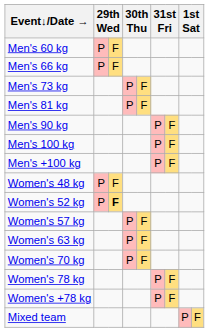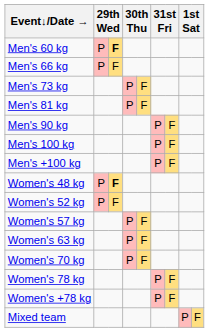 <table class="wikitable" style="margin:0.5em auto; font-size:90%; line-height:1.25em; text-align:center;">
 <tr>
 <th>Event↓/Date →</th>
 <th colspan=2>29th<br>Wed</th>
 <th colspan=2>30th<br>Thu</th>
 <th colspan=2>31st<br>Fri</th>
 <th colspan=2>1st<br>Sat</th>
 </tr>
 <tr>
 <td align="left"><a href='#'>Men's 60 kg</a></td>
 <td bgcolor="#FFBBBB">P</td>
-<td bgcolor="#FFDF80">F</td>
+<td bgcolor="#FFDF80"><strong>F</strong></td>
 <td colspan=2></td>
 <td colspan=2></td>
 <td colspan=2></td>
 </tr>
 <tr>
 <td align="left"><a href='#'>Men's 66 kg</a></td>
 <td bgcolor="#FFBBBB">P</td>
 <td bgcolor="#FFDF80">F</td>
 <td colspan=2></td>
 <td colspan=2></td>
 <td colspan=2></td>
 </tr>
 <tr>
 <td align="left"><a href='#'>Men's 73 kg</a></td>
 <td colspan=2></td>
 <td bgcolor="#FFBBBB">P</td>
 <td bgcolor="#FFDF80">F</td>
 <td colspan=2></td>
 <td colspan=2></td>
 </tr>
 <tr>
 <td align="left"><a href='#'>Men's 81 kg</a></td>
 <td colspan=2></td>
 <td bgcolor="#FFBBBB">P</td>
 <td bgcolor="#FFDF80">F</td>
 <td colspan=2></td>
 <td colspan=2></td>
 </tr>
 <tr>
 <td align="left"><a href='#'>Men's 90 kg</a></td>
 <td colspan=2></td>
 <td colspan=2></td>
 <td bgcolor="#FFBBBB">P</td>
 <td bgcolor="#FFDF80">F</td>
 <td colspan=2></td>
 </tr>
 <tr>
 <td align="left"><a href='#'>Men's 100 kg</a></td>
 <td colspan=2></td>
 <td colspan=2></td>
 <td bgcolor="#FFBBBB">P</td>
 <td bgcolor="#FFDF80">F</td>
 <td colspan=2></td>
 </tr>
 <tr>
 <td align="left"><a href='#'>Men's +100 kg</a></td>
 <td colspan=2></td>
 <td colspan=2></td>
 <td bgcolor="#FFBBBB">P</td>
 <td bgcolor="#FFDF80">F</td>
 <td colspan=2></td>
 </tr>
 <tr>
 <td align="left"><a href='#'>Women's 48 kg</a></td>
 <td bgcolor="#FFBBBB">P</td>
-<td bgcolor="#FFDF80">F</td>
+<td bgcolor="#FFDF80"><strong>F</strong></td>
 <td colspan=2></td>
 <td colspan=2></td>
 <td colspan=2></td>
 </tr>
 <tr>
 <td align="left"><a href='#'>Women's 52 kg</a></td>
 <td bgcolor="#FFBBBB">P</td>
-<td bgcolor="#FFDF80"><strong>F</strong></td>
+<td bgcolor="#FFDF80">F</td>
 <td colspan=2></td>
 <td colspan=2></td>
 <td colspan=2></td>
 </tr>
 <tr>
 <td align="left"><a href='#'>Women's 57 kg</a></td>
 <td colspan=2></td>
 <td bgcolor="#FFBBBB">P</td>
 <td bgcolor="#FFDF80">F</td>
 <td colspan=2></td>
 <td colspan=2></td>
 </tr>
 <tr>
 <td align="left"><a href='#'>Women's 63 kg</a></td>
 <td colspan=2></td>
 <td bgcolor="#FFBBBB">P</td>
 <td bgcolor="#FFDF80">F</td>
 <td colspan=2></td>
 <td colspan=2></td>
 </tr>
 <tr>
 <td align="left"><a href='#'>Women's 70 kg</a></td>
 <td colspan=2></td>
 <td bgcolor="#FFBBBB">P</td>
 <td bgcolor="#FFDF80">F</td>
 <td colspan=2></td>
 <td colspan=2></td>
 </tr>
 <tr>
 <td align="left"><a href='#'>Women's 78 kg</a></td>
 <td colspan=2></td>
 <td colspan=2></td>
 <td bgcolor="#FFBBBB">P</td>
 <td bgcolor="#FFDF80">F</td>
 <td colspan=2></td>
 </tr>
 <tr>
 <td align="left"><a href='#'>Women's +78 kg</a></td>
 <td colspan=2></td>
 <td colspan=2></td>
 <td bgcolor="#FFBBBB">P</td>
 <td bgcolor="#FFDF80">F</td>
 <td colspan=2></td>
 </tr>
 <tr>
 <td align="left"><a href='#'>Mixed team</a></td>
 <td colspan=2></td>
 <td colspan=2></td>
 <td colspan=2></td>
 <td bgcolor="#FFBBBB">P</td>
 <td bgcolor="#FFDF80">F</td>
 </tr>
 </table>
